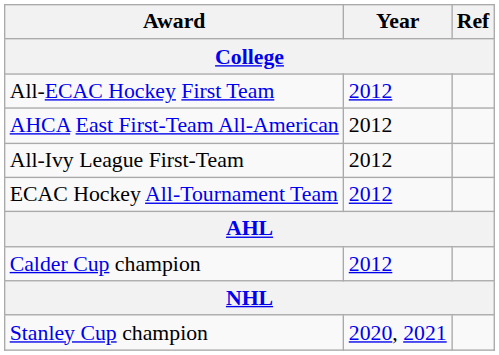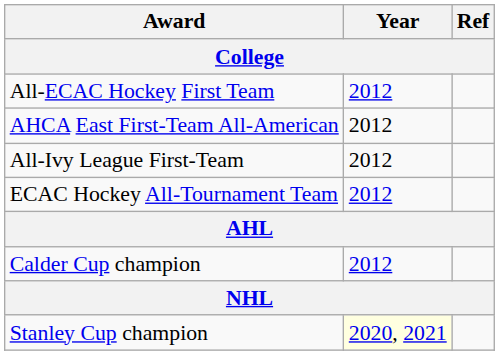 <table class="wikitable">
 <tr>
 <th>Award</th>
 <th>Year</th>
 <th>Ref</th>
 </tr>
 <tr>
 <th colspan="3"><a href='#'>College</a></th>
 </tr>
 <tr>
 <td>All-<a href='#'>ECAC Hockey</a> <a href='#'>First Team</a></td>
 <td><a href='#'>2012</a></td>
 <td></td>
 </tr>
 <tr>
 <td><a href='#'>AHCA</a> <a href='#'>East First-Team All-American</a></td>
 <td>2012</td>
 <td></td>
 </tr>
 <tr>
 <td>All-Ivy League First-Team</td>
 <td>2012</td>
 <td></td>
 </tr>
 <tr>
 <td>ECAC Hockey <a href='#'>All-Tournament Team</a></td>
 <td><a href='#'>2012</a></td>
 <td></td>
 </tr>
 <tr>
 <th colspan="3"><a href='#'>AHL</a></th>
 </tr>
 <tr>
 <td><a href='#'>Calder Cup</a> champion</td>
 <td><a href='#'>2012</a></td>
 <td></td>
 </tr>
 <tr>
 <th colspan="3"><a href='#'>NHL</a></th>
 </tr>
 <tr>
 <td><a href='#'>Stanley Cup</a> champion</td>
-<td><a href='#'>2020</a>, <a href='#'>2021</a></td>
+<td style="background: lightyellow;"><a href='#'>2020</a>, <a href='#'>2021</a></td>
 <td></td>
 </tr>
 </table>
